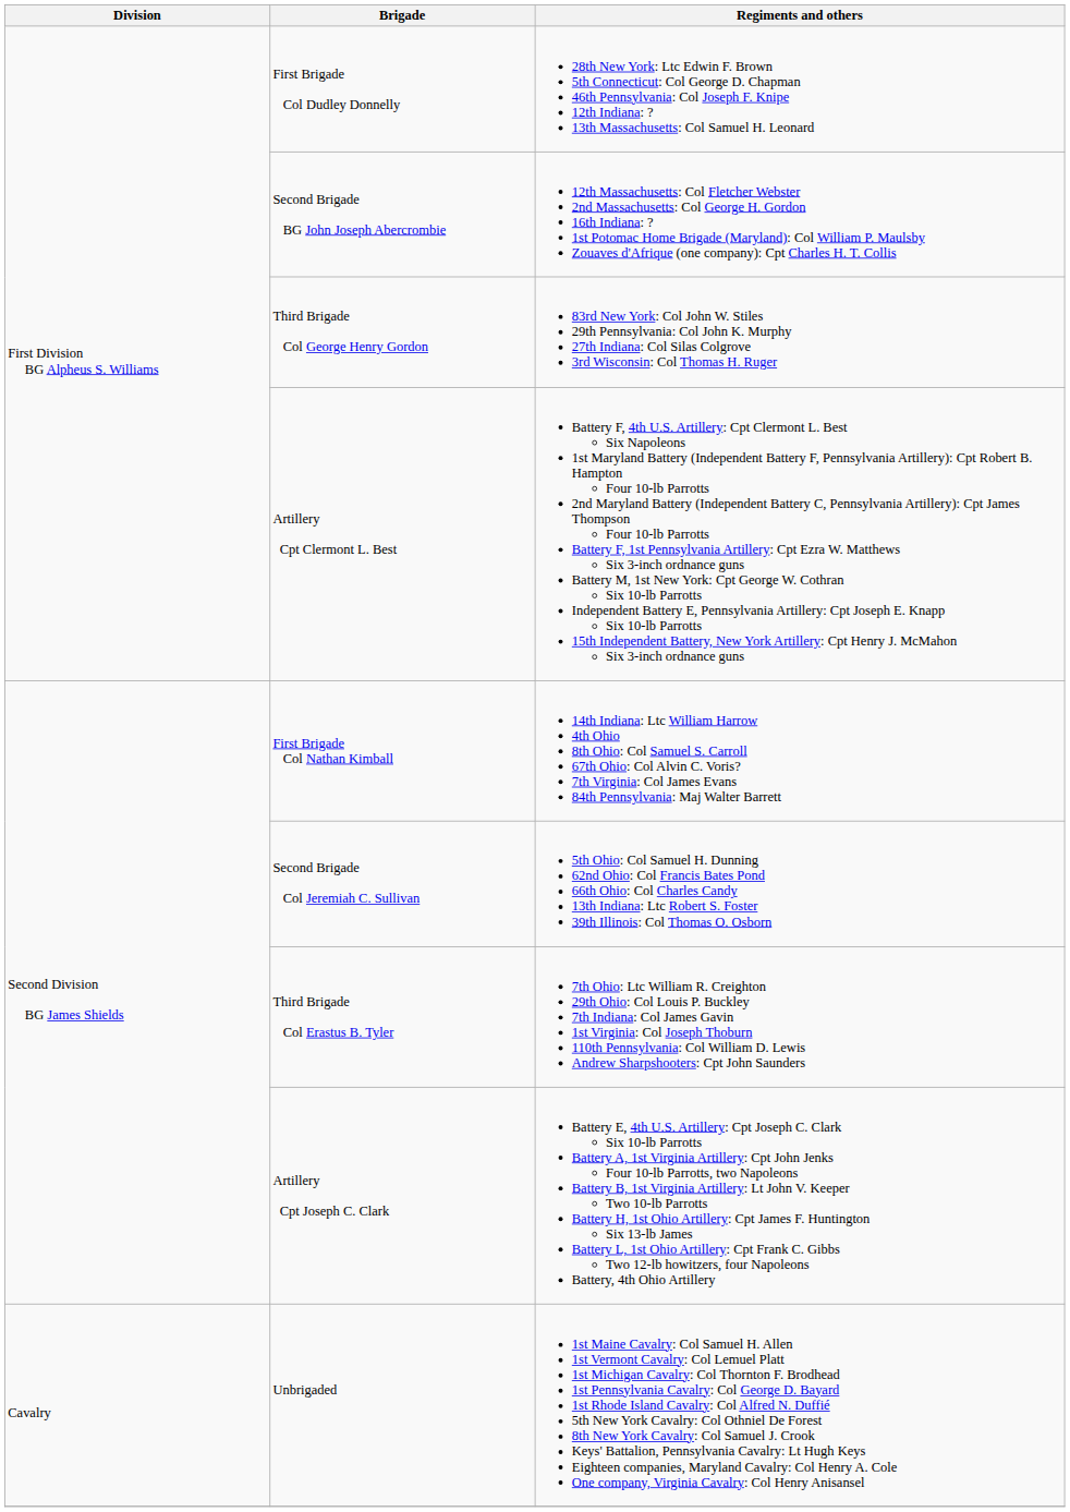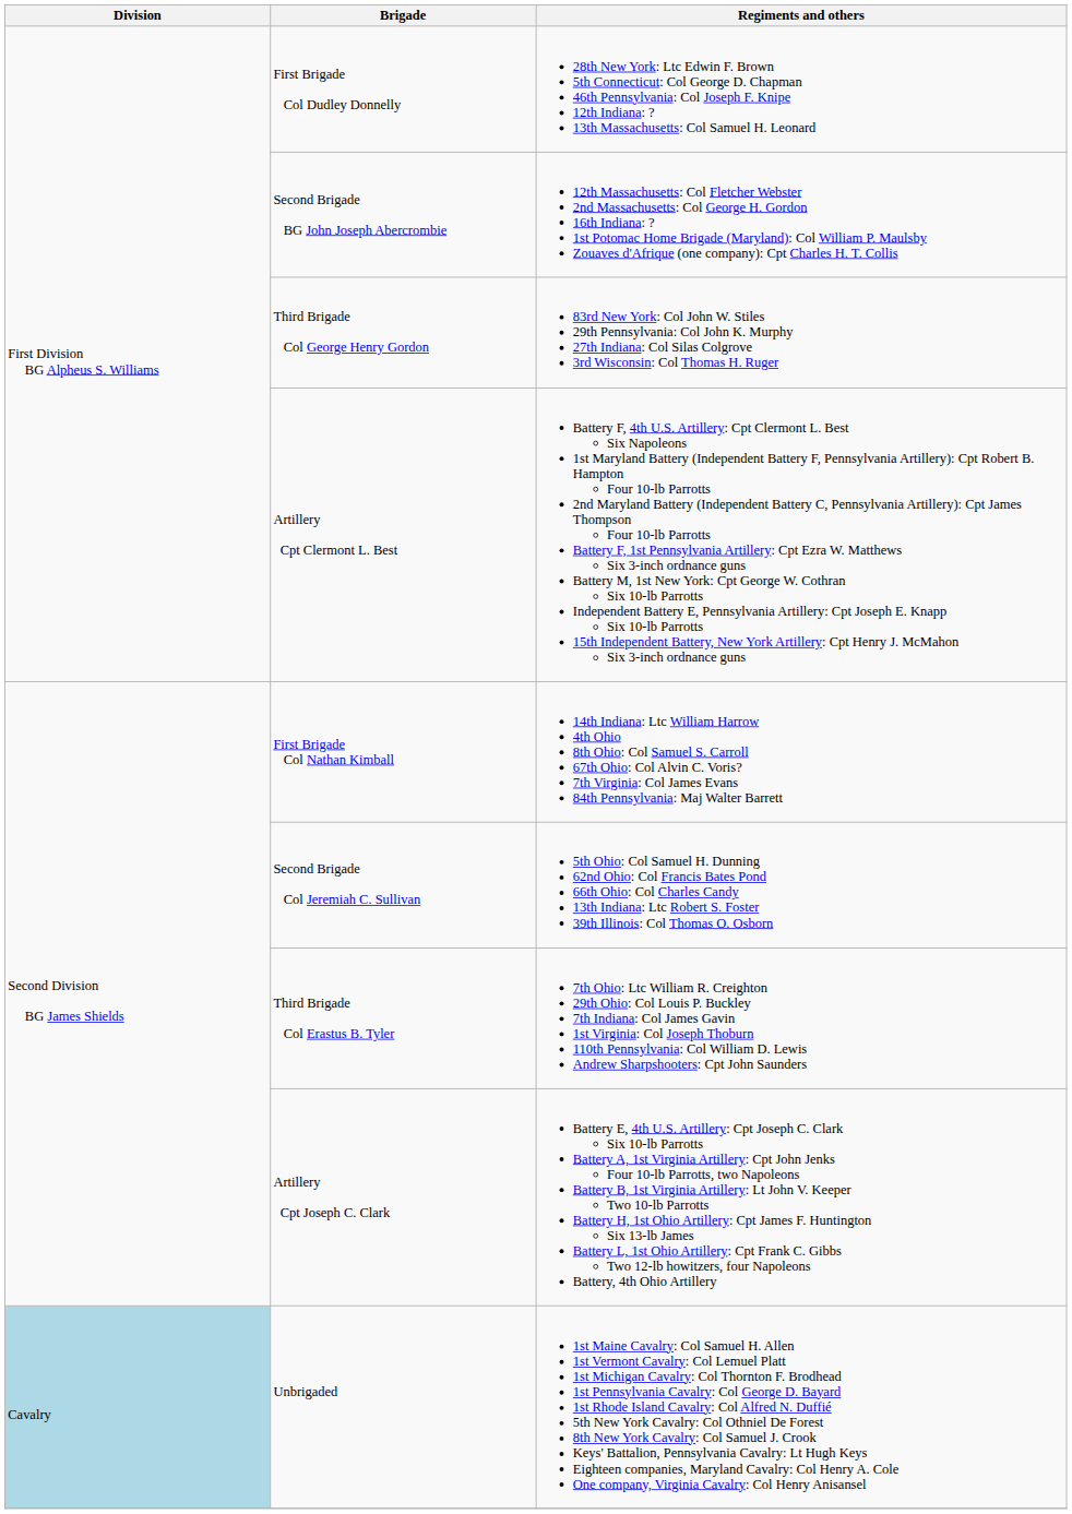 <table class="wikitable">
 <tr>
 <th width=25%>Division</th>
 <th width=25%>Brigade</th>
 <th>Regiments and others</th>
 </tr>
 <tr>
 <td rowspan=4><br>First Division <br>     BG <a href='#'>Alpheus S. Williams</a></td>
 <td>First Brigade<br><br>   Col Dudley Donnelly</td>
 <td><br><ul><li><a href='#'>28th New York</a>: Ltc Edwin F. Brown</li><li><a href='#'>5th Connecticut</a>: Col George D. Chapman</li><li><a href='#'>46th Pennsylvania</a>: Col <a href='#'>Joseph F. Knipe</a></li><li><a href='#'>12th Indiana</a>: ?</li><li><a href='#'>13th Massachusetts</a>: Col Samuel H. Leonard</li></ul></td>
 </tr>
 <tr>
 <td>Second Brigade<br><br>   BG <a href='#'>John Joseph Abercrombie</a></td>
 <td><br><ul><li><a href='#'>12th Massachusetts</a>: Col <a href='#'>Fletcher Webster</a></li><li><a href='#'>2nd Massachusetts</a>: Col <a href='#'>George H. Gordon</a></li><li><a href='#'>16th Indiana</a>: ?</li><li><a href='#'>1st Potomac Home Brigade (Maryland)</a>: Col <a href='#'>William P. Maulsby</a></li><li><a href='#'>Zouaves d'Afrique</a> (one company): Cpt <a href='#'>Charles H. T. Collis</a></li></ul></td>
 </tr>
 <tr>
 <td>Third Brigade<br><br>   Col <a href='#'>George Henry Gordon</a></td>
 <td><br><ul><li><a href='#'>83rd New York</a>: Col John W. Stiles</li><li>29th Pennsylvania: Col John K. Murphy</li><li><a href='#'>27th Indiana</a>: Col Silas Colgrove</li><li><a href='#'>3rd Wisconsin</a>: Col <a href='#'>Thomas H. Ruger</a></li></ul></td>
 </tr>
 <tr>
 <td>Artillery<br><br>  Cpt Clermont L. Best</td>
 <td><br><ul><li>Battery F, <a href='#'>4th U.S. Artillery</a>: Cpt Clermont L. Best<ul><li>Six Napoleons</li></ul></li><li>1st Maryland Battery (Independent Battery F, Pennsylvania Artillery): Cpt Robert B. Hampton<ul><li>Four 10-lb Parrotts</li></ul></li><li>2nd Maryland Battery (Independent Battery C, Pennsylvania Artillery): Cpt James Thompson<ul><li>Four 10-lb Parrotts</li></ul></li><li><a href='#'>Battery F, 1st Pennsylvania Artillery</a>: Cpt Ezra W. Matthews<ul><li>Six 3-inch ordnance guns</li></ul></li><li>Battery M, 1st New York: Cpt George W. Cothran<ul><li>Six 10-lb Parrotts</li></ul></li><li>Independent Battery E, Pennsylvania Artillery: Cpt Joseph E. Knapp<ul><li>Six 10-lb Parrotts</li></ul></li><li><a href='#'>15th Independent Battery, New York Artillery</a>: Cpt Henry J. McMahon<ul><li>Six 3-inch ordnance guns</li></ul></li></ul></td>
 </tr>
 <tr>
 <td rowspan=4><br>Second Division<br><br>     BG <a href='#'>James Shields</a></td>
 <td><a href='#'>First Brigade</a><br>   Col <a href='#'>Nathan Kimball</a></td>
 <td><br><ul><li><a href='#'>14th Indiana</a>: Ltc <a href='#'>William Harrow</a></li><li><a href='#'>4th Ohio</a></li><li><a href='#'>8th Ohio</a>: Col <a href='#'>Samuel S. Carroll</a></li><li><a href='#'>67th Ohio</a>: Col Alvin C. Voris?</li><li><a href='#'>7th Virginia</a>: Col James Evans</li><li><a href='#'>84th Pennsylvania</a>: Maj Walter Barrett</li></ul></td>
 </tr>
 <tr>
 <td>Second Brigade<br><br>   Col <a href='#'>Jeremiah C. Sullivan</a></td>
 <td><br><ul><li><a href='#'>5th Ohio</a>: Col Samuel H. Dunning</li><li><a href='#'>62nd Ohio</a>: Col <a href='#'>Francis Bates Pond</a></li><li><a href='#'>66th Ohio</a>: Col <a href='#'>Charles Candy</a></li><li><a href='#'>13th Indiana</a>: Ltc <a href='#'>Robert S. Foster</a></li><li><a href='#'>39th Illinois</a>: Col <a href='#'>Thomas O. Osborn</a></li></ul></td>
 </tr>
 <tr>
 <td>Third Brigade<br><br>   Col <a href='#'>Erastus B. Tyler</a></td>
 <td><br><ul><li><a href='#'>7th Ohio</a>: Ltc William R. Creighton</li><li><a href='#'>29th Ohio</a>: Col Louis P. Buckley</li><li><a href='#'>7th Indiana</a>: Col James Gavin</li><li><a href='#'>1st Virginia</a>: Col <a href='#'>Joseph Thoburn</a></li><li><a href='#'>110th Pennsylvania</a>: Col William D. Lewis</li><li><a href='#'>Andrew Sharpshooters</a>: Cpt John Saunders</li></ul></td>
 </tr>
 <tr>
 <td>Artillery<br><br>  Cpt Joseph C. Clark</td>
 <td><br><ul><li>Battery E, <a href='#'>4th U.S. Artillery</a>: Cpt Joseph C. Clark<ul><li>Six 10-lb Parrotts</li></ul></li><li><a href='#'>Battery A, 1st Virginia Artillery</a>: Cpt John Jenks<ul><li>Four 10-lb Parrotts, two Napoleons</li></ul></li><li><a href='#'>Battery B, 1st Virginia Artillery</a>: Lt John V. Keeper<ul><li>Two 10-lb Parrotts</li></ul></li><li><a href='#'>Battery H, 1st Ohio Artillery</a>: Cpt James F. Huntington<ul><li>Six 13-lb James</li></ul></li><li><a href='#'>Battery L, 1st Ohio Artillery</a>: Cpt Frank C. Gibbs<ul><li>Two 12-lb howitzers, four Napoleons</li></ul></li><li>Battery, 4th Ohio Artillery</li></ul></td>
 </tr>
 <tr>
-<td rowspan=1><br>Cavalry</td>
+<td rowspan=1 style="background: lightblue;"><br>Cavalry</td>
 <td>Unbrigaded<br><br>  </td>
 <td><br><ul><li><a href='#'>1st Maine Cavalry</a>: Col Samuel H. Allen</li><li><a href='#'>1st Vermont Cavalry</a>: Col Lemuel Platt</li><li><a href='#'>1st Michigan Cavalry</a>: Col Thornton F. Brodhead</li><li><a href='#'>1st Pennsylvania Cavalry</a>: Col <a href='#'>George D. Bayard</a></li><li><a href='#'>1st Rhode Island Cavalry</a>: Col <a href='#'>Alfred N. Duffié</a></li><li>5th New York Cavalry: Col Othniel De Forest</li><li><a href='#'>8th New York Cavalry</a>: Col Samuel J. Crook</li><li>Keys' Battalion, Pennsylvania Cavalry: Lt Hugh Keys</li><li>Eighteen companies, Maryland Cavalry: Col Henry A. Cole</li><li><a href='#'>One company, Virginia Cavalry</a>: Col Henry Anisansel</li></ul></td>
 </tr>
 <tr>
 </tr>
 </table>
